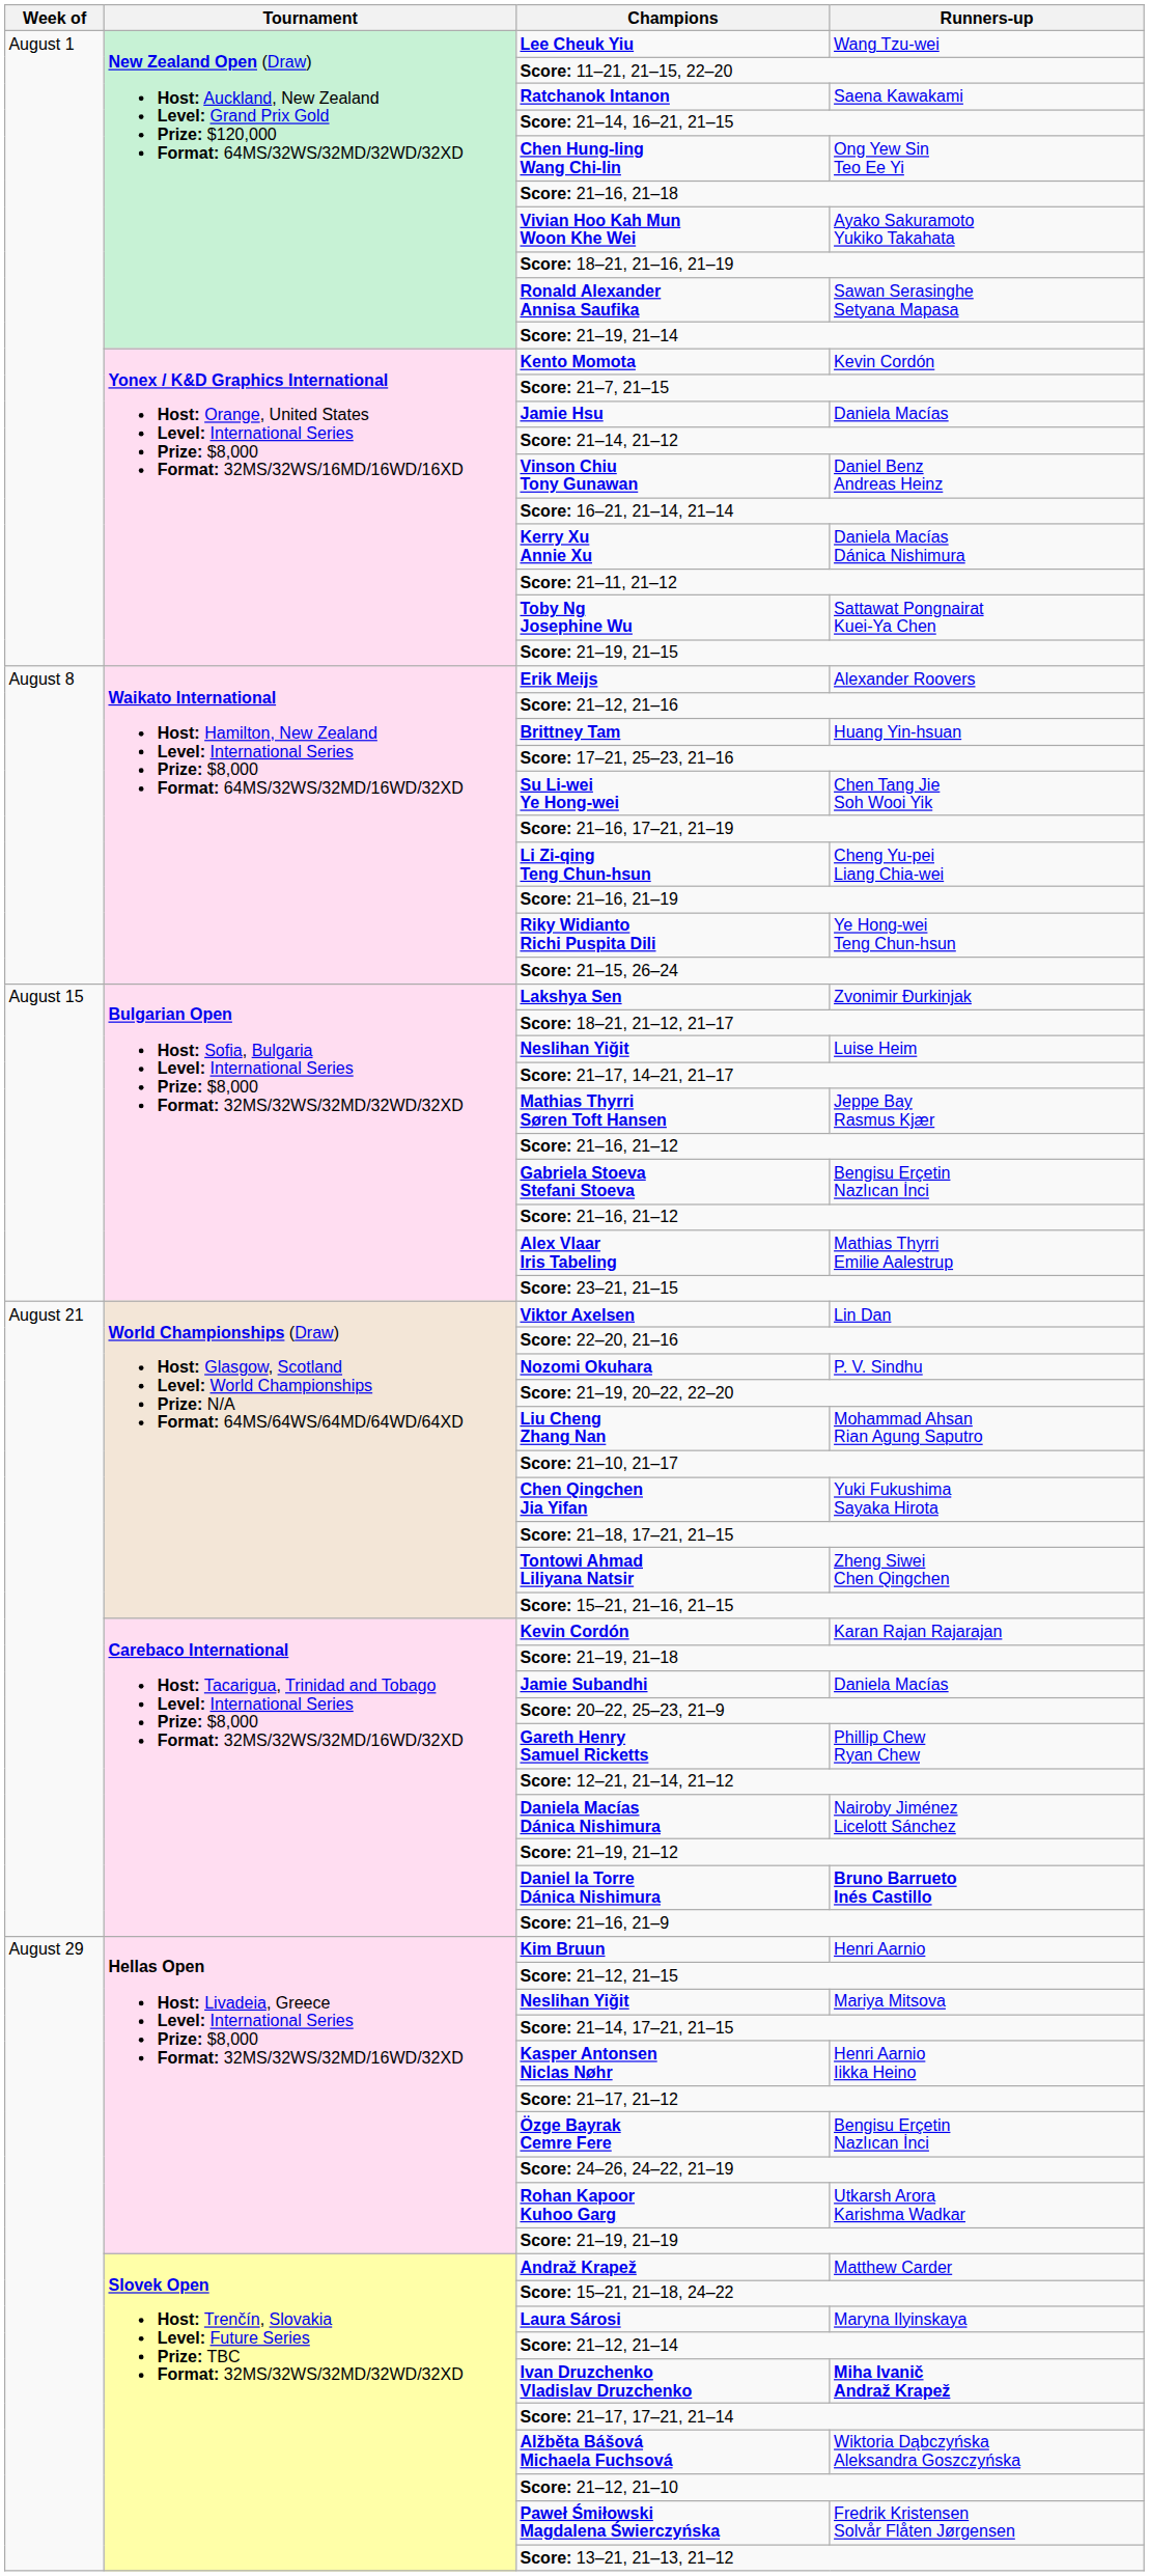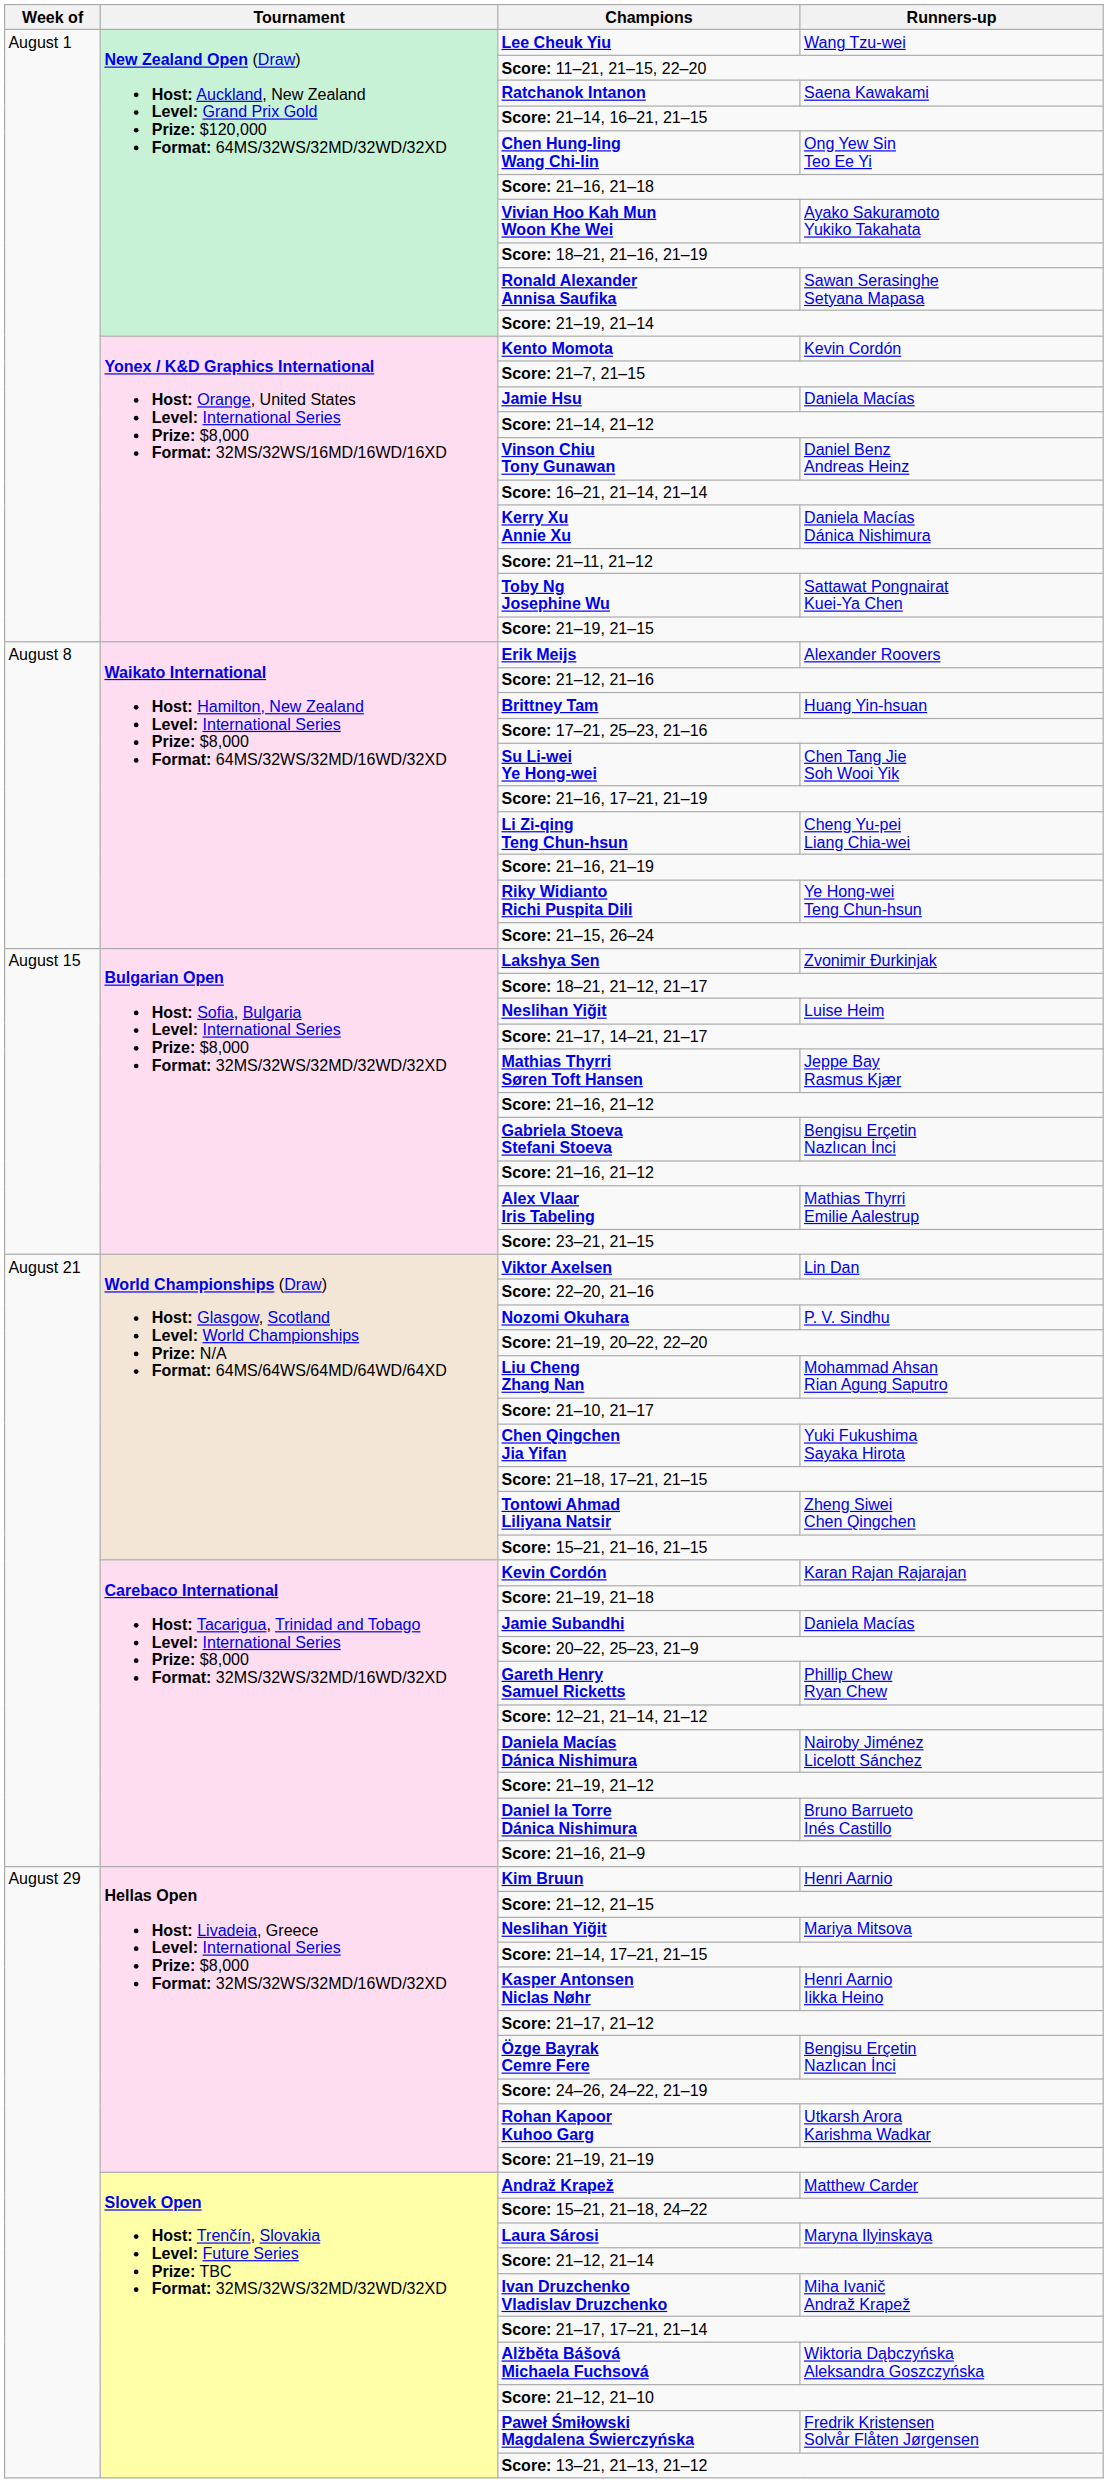 <table class=wikitable style=font-size:85%>
 <tr>
 <th width=75>Week of</th>
 <th width=330>Tournament</th>
 <th width=250>Champions</th>
 <th width=250>Runners-up</th>
 </tr>
 <tr valign=top>
 <td rowspan=20>August 1</td>
 <td style="background:#C7F2D5;" rowspan="10"><br><strong><a href='#'>New Zealand Open</a></strong> (<a href='#'>Draw</a>)<ul><li><strong>Host:</strong> <a href='#'>Auckland</a>, New Zealand</li><li><strong>Level:</strong> <a href='#'>Grand Prix Gold</a></li><li><strong>Prize:</strong> $120,000</li><li><strong>Format:</strong> 64MS/32WS/32MD/32WD/32XD</li></ul></td>
 <td><strong> <a href='#'>Lee Cheuk Yiu</a></strong></td>
 <td> <a href='#'>Wang Tzu-wei</a></td>
 </tr>
 <tr>
 <td colspan=2><strong>Score:</strong> 11–21, 21–15, 22–20</td>
 </tr>
 <tr valign=top>
 <td><strong> <a href='#'>Ratchanok Intanon</a></strong></td>
 <td> <a href='#'>Saena Kawakami</a></td>
 </tr>
 <tr>
 <td colspan=2><strong>Score:</strong> 21–14, 16–21, 21–15</td>
 </tr>
 <tr valign=top>
 <td><strong> <a href='#'>Chen Hung-ling</a><br> <a href='#'>Wang Chi-lin</a></strong></td>
 <td> <a href='#'>Ong Yew Sin</a><br> <a href='#'>Teo Ee Yi</a></td>
 </tr>
 <tr>
 <td colspan=2><strong>Score:</strong> 21–16, 21–18</td>
 </tr>
 <tr valign=top>
 <td><strong> <a href='#'>Vivian Hoo Kah Mun</a><br> <a href='#'>Woon Khe Wei</a></strong></td>
 <td> <a href='#'>Ayako Sakuramoto</a><br> <a href='#'>Yukiko Takahata</a></td>
 </tr>
 <tr>
 <td colspan=2><strong>Score:</strong> 18–21, 21–16, 21–19</td>
 </tr>
 <tr valign=top>
 <td><strong> <a href='#'>Ronald Alexander</a><br> <a href='#'>Annisa Saufika</a></strong></td>
 <td> <a href='#'>Sawan Serasinghe</a><br> <a href='#'>Setyana Mapasa</a></td>
 </tr>
 <tr>
 <td colspan=2><strong>Score:</strong> 21–19, 21–14</td>
 </tr>
 <tr valign=top>
 <td style="background:#FFDDF1;" rowspan="10"><br><strong><a href='#'>Yonex / K&D Graphics International</a></strong><ul><li><strong>Host:</strong> <a href='#'>Orange</a>, United States</li><li><strong>Level:</strong> <a href='#'>International Series</a></li><li><strong>Prize:</strong> $8,000</li><li><strong>Format:</strong> 32MS/32WS/16MD/16WD/16XD</li></ul></td>
 <td><strong> <a href='#'>Kento Momota</a></strong></td>
 <td> <a href='#'>Kevin Cordón</a></td>
 </tr>
 <tr>
 <td colspan=2><strong>Score:</strong> 21–7, 21–15</td>
 </tr>
 <tr valign=top>
 <td><strong> <a href='#'>Jamie Hsu</a></strong></td>
 <td> <a href='#'>Daniela Macías</a></td>
 </tr>
 <tr>
 <td colspan=2><strong>Score:</strong> 21–14, 21–12</td>
 </tr>
 <tr valign=top>
 <td><strong> <a href='#'>Vinson Chiu</a><br> <a href='#'>Tony Gunawan</a></strong></td>
 <td> <a href='#'>Daniel Benz</a><br> <a href='#'>Andreas Heinz</a></td>
 </tr>
 <tr>
 <td colspan=2><strong>Score:</strong> 16–21, 21–14, 21–14</td>
 </tr>
 <tr valign=top>
 <td><strong> <a href='#'>Kerry Xu</a><br> <a href='#'>Annie Xu</a></strong></td>
 <td> <a href='#'>Daniela Macías</a><br> <a href='#'>Dánica Nishimura</a></td>
 </tr>
 <tr>
 <td colspan=2><strong>Score:</strong> 21–11, 21–12</td>
 </tr>
 <tr valign=top>
 <td><strong> <a href='#'>Toby Ng</a><br> <a href='#'>Josephine Wu</a></strong></td>
 <td> <a href='#'>Sattawat Pongnairat</a><br> <a href='#'>Kuei-Ya Chen</a></td>
 </tr>
 <tr>
 <td colspan=2><strong>Score:</strong> 21–19, 21–15</td>
 </tr>
 <tr valign=top>
 <td rowspan=10>August 8</td>
 <td style="background:#FFDDF1;" rowspan="10"><br><strong><a href='#'>Waikato International</a></strong><ul><li><strong>Host:</strong> <a href='#'>Hamilton, New Zealand</a></li><li><strong>Level:</strong> <a href='#'>International Series</a></li><li><strong>Prize:</strong> $8,000</li><li><strong>Format:</strong> 64MS/32WS/32MD/16WD/32XD</li></ul></td>
 <td><strong> <a href='#'>Erik Meijs</a></strong></td>
 <td> <a href='#'>Alexander Roovers</a></td>
 </tr>
 <tr>
 <td colspan=2><strong>Score:</strong> 21–12, 21–16</td>
 </tr>
 <tr valign=top>
 <td><strong> <a href='#'>Brittney Tam</a></strong></td>
 <td> <a href='#'>Huang Yin-hsuan</a></td>
 </tr>
 <tr>
 <td colspan=2><strong>Score:</strong> 17–21, 25–23, 21–16</td>
 </tr>
 <tr valign=top>
 <td><strong> <a href='#'>Su Li-wei</a><br> <a href='#'>Ye Hong-wei</a></strong></td>
 <td> <a href='#'>Chen Tang Jie</a><br> <a href='#'>Soh Wooi Yik</a></td>
 </tr>
 <tr>
 <td colspan=2><strong>Score:</strong> 21–16, 17–21, 21–19</td>
 </tr>
 <tr valign=top>
 <td><strong> <a href='#'>Li Zi-qing</a><br> <a href='#'>Teng Chun-hsun</a></strong></td>
 <td> <a href='#'>Cheng Yu-pei</a><br> <a href='#'>Liang Chia-wei</a></td>
 </tr>
 <tr>
 <td colspan=2><strong>Score:</strong> 21–16, 21–19</td>
 </tr>
 <tr valign=top>
 <td><strong> <a href='#'>Riky Widianto</a><br> <a href='#'>Richi Puspita Dili</a></strong></td>
 <td> <a href='#'>Ye Hong-wei</a><br> <a href='#'>Teng Chun-hsun</a></td>
 </tr>
 <tr>
 <td colspan=2><strong>Score:</strong> 21–15, 26–24</td>
 </tr>
 <tr valign=top>
 <td rowspan=10>August 15</td>
 <td style="background:#FFDDF1;" rowspan="10"><br><strong><a href='#'>Bulgarian Open</a></strong><ul><li><strong>Host:</strong> <a href='#'>Sofia</a>, <a href='#'>Bulgaria</a></li><li><strong>Level:</strong> <a href='#'>International Series</a></li><li><strong>Prize:</strong> $8,000</li><li><strong>Format:</strong> 32MS/32WS/32MD/32WD/32XD</li></ul></td>
 <td><strong> <a href='#'>Lakshya Sen</a></strong></td>
 <td> <a href='#'>Zvonimir Đurkinjak</a></td>
 </tr>
 <tr>
 <td colspan=2><strong>Score:</strong> 18–21, 21–12, 21–17</td>
 </tr>
 <tr valign=top>
 <td><strong> <a href='#'>Neslihan Yiğit</a></strong></td>
 <td> <a href='#'>Luise Heim</a></td>
 </tr>
 <tr>
 <td colspan=2><strong>Score:</strong> 21–17, 14–21, 21–17</td>
 </tr>
 <tr valign=top>
 <td><strong> <a href='#'>Mathias Thyrri</a><br> <a href='#'>Søren Toft Hansen</a></strong></td>
 <td> <a href='#'>Jeppe Bay</a><br> <a href='#'>Rasmus Kjær</a></td>
 </tr>
 <tr>
 <td colspan=2><strong>Score:</strong> 21–16, 21–12</td>
 </tr>
 <tr valign=top>
 <td><strong> <a href='#'>Gabriela Stoeva</a><br> <a href='#'>Stefani Stoeva</a></strong></td>
 <td> <a href='#'>Bengisu Erçetin</a><br> <a href='#'>Nazlıcan İnci</a></td>
 </tr>
 <tr>
 <td colspan=2><strong>Score:</strong> 21–16, 21–12</td>
 </tr>
 <tr valign=top>
 <td><strong> <a href='#'>Alex Vlaar</a><br> <a href='#'>Iris Tabeling</a></strong></td>
 <td> <a href='#'>Mathias Thyrri</a><br> <a href='#'>Emilie Aalestrup</a></td>
 </tr>
 <tr>
 <td colspan=2><strong>Score:</strong> 23–21, 21–15</td>
 </tr>
 <tr valign=top>
 <td rowspan=20>August 21</td>
 <td style="background:#F3E6D7;" rowspan="10"><br><strong><a href='#'>World Championships</a></strong> (<a href='#'>Draw</a>)<ul><li><strong>Host:</strong> <a href='#'>Glasgow</a>, <a href='#'>Scotland</a></li><li><strong>Level:</strong> <a href='#'>World Championships</a></li><li><strong>Prize:</strong> N/A</li><li><strong>Format:</strong> 64MS/64WS/64MD/64WD/64XD</li></ul></td>
 <td><strong> <a href='#'>Viktor Axelsen</a></strong></td>
 <td> <a href='#'>Lin Dan</a></td>
 </tr>
 <tr>
 <td colspan=2><strong>Score:</strong> 22–20, 21–16</td>
 </tr>
 <tr valign=top>
 <td><strong> <a href='#'>Nozomi Okuhara</a></strong></td>
 <td> <a href='#'>P. V. Sindhu</a></td>
 </tr>
 <tr>
 <td colspan=2><strong>Score:</strong> 21–19, 20–22, 22–20</td>
 </tr>
 <tr valign=top>
 <td><strong> <a href='#'>Liu Cheng</a><br> <a href='#'>Zhang Nan</a></strong></td>
 <td> <a href='#'>Mohammad Ahsan</a><br> <a href='#'>Rian Agung Saputro</a></td>
 </tr>
 <tr>
 <td colspan=2><strong>Score:</strong> 21–10, 21–17</td>
 </tr>
 <tr valign=top>
 <td><strong> <a href='#'>Chen Qingchen</a><br> <a href='#'>Jia Yifan</a></strong></td>
 <td> <a href='#'>Yuki Fukushima</a><br> <a href='#'>Sayaka Hirota</a></td>
 </tr>
 <tr>
 <td colspan=2><strong>Score:</strong> 21–18, 17–21, 21–15</td>
 </tr>
 <tr valign=top>
 <td><strong> <a href='#'>Tontowi Ahmad</a><br> <a href='#'>Liliyana Natsir</a></strong></td>
 <td> <a href='#'>Zheng Siwei</a><br> <a href='#'>Chen Qingchen</a></td>
 </tr>
 <tr>
 <td colspan=2><strong>Score:</strong> 15–21, 21–16, 21–15</td>
 </tr>
 <tr valign=top>
 <td style="background:#FFDDF1;" rowspan="10"><br><strong><a href='#'>Carebaco International</a></strong><ul><li><strong>Host:</strong> <a href='#'>Tacarigua</a>, <a href='#'>Trinidad and Tobago</a></li><li><strong>Level:</strong> <a href='#'>International Series</a></li><li><strong>Prize:</strong> $8,000</li><li><strong>Format:</strong> 32MS/32WS/32MD/16WD/32XD</li></ul></td>
 <td><strong> <a href='#'>Kevin Cordón</a></strong></td>
 <td> <a href='#'>Karan Rajan Rajarajan</a></td>
 </tr>
 <tr>
 <td colspan=2><strong>Score:</strong> 21–19, 21–18</td>
 </tr>
 <tr valign=top>
 <td><strong> <a href='#'>Jamie Subandhi</a></strong></td>
 <td> <a href='#'>Daniela Macías</a></td>
 </tr>
 <tr>
 <td colspan=2><strong>Score:</strong> 20–22, 25–23, 21–9</td>
 </tr>
 <tr valign=top>
 <td><strong> <a href='#'>Gareth Henry</a><br> <a href='#'>Samuel Ricketts</a></strong></td>
 <td> <a href='#'>Phillip Chew</a><br> <a href='#'>Ryan Chew</a></td>
 </tr>
 <tr>
 <td colspan=2><strong>Score:</strong> 12–21, 21–14, 21–12</td>
 </tr>
 <tr valign=top>
 <td><strong> <a href='#'>Daniela Macías</a><br> <a href='#'>Dánica Nishimura</a></strong></td>
 <td> <a href='#'>Nairoby Jiménez</a><br> <a href='#'>Licelott Sánchez</a></td>
 </tr>
 <tr>
 <td colspan=2><strong>Score:</strong> 21–19, 21–12</td>
 </tr>
 <tr valign=top>
 <td><strong> <a href='#'>Daniel la Torre</a><br> <a href='#'>Dánica Nishimura</a></strong></td>
-<td><strong> <a href='#'>Bruno Barrueto</a><br> <a href='#'>Inés Castillo</a></strong></td>
+<td> <a href='#'>Bruno Barrueto</a><br> <a href='#'>Inés Castillo</a></td>
 </tr>
 <tr>
 <td colspan=2><strong>Score:</strong> 21–16, 21–9</td>
 </tr>
 <tr valign=top>
 <td rowspan=20>August 29</td>
 <td style="background:#FFDDF1;" rowspan="10"><br><strong>Hellas Open</strong><ul><li><strong>Host:</strong> <a href='#'>Livadeia</a>, Greece</li><li><strong>Level:</strong> <a href='#'>International Series</a></li><li><strong>Prize:</strong> $8,000</li><li><strong>Format:</strong> 32MS/32WS/32MD/16WD/32XD</li></ul></td>
 <td><strong> <a href='#'>Kim Bruun</a></strong></td>
 <td> <a href='#'>Henri Aarnio</a></td>
 </tr>
 <tr>
 <td colspan=2><strong>Score:</strong> 21–12, 21–15</td>
 </tr>
 <tr valign=top>
 <td><strong> <a href='#'>Neslihan Yiğit</a></strong></td>
 <td> <a href='#'>Mariya Mitsova</a></td>
 </tr>
 <tr>
 <td colspan=2><strong>Score:</strong> 21–14, 17–21, 21–15</td>
 </tr>
 <tr valign=top>
 <td><strong> <a href='#'>Kasper Antonsen</a><br> <a href='#'>Niclas Nøhr</a></strong></td>
 <td> <a href='#'>Henri Aarnio</a><br> <a href='#'>Iikka Heino</a></td>
 </tr>
 <tr>
 <td colspan=2><strong>Score:</strong> 21–17, 21–12</td>
 </tr>
 <tr valign=top>
 <td><strong> <a href='#'>Özge Bayrak</a><br> <a href='#'>Cemre Fere</a></strong></td>
 <td> <a href='#'>Bengisu Erçetin</a><br> <a href='#'>Nazlıcan İnci</a></td>
 </tr>
 <tr>
 <td colspan=2><strong>Score:</strong> 24–26, 24–22, 21–19</td>
 </tr>
 <tr valign=top>
 <td><strong> <a href='#'>Rohan Kapoor</a><br> <a href='#'>Kuhoo Garg</a></strong></td>
 <td> <a href='#'>Utkarsh Arora</a><br> <a href='#'>Karishma Wadkar</a></td>
 </tr>
 <tr>
 <td colspan=2><strong>Score:</strong> 21–19, 21–19</td>
 </tr>
 <tr valign=top>
 <td style="background:#FFFFA8;" rowspan="10"><br><strong><a href='#'>Slovek Open</a></strong><ul><li><strong>Host:</strong> <a href='#'>Trenčín</a>, <a href='#'>Slovakia</a></li><li><strong>Level:</strong> <a href='#'>Future Series</a></li><li><strong>Prize:</strong> TBC</li><li><strong>Format:</strong> 32MS/32WS/32MD/32WD/32XD</li></ul></td>
 <td><strong> <a href='#'>Andraž Krapež</a></strong></td>
 <td> <a href='#'>Matthew Carder</a></td>
 </tr>
 <tr>
 <td colspan=2><strong>Score:</strong> 15–21, 21–18, 24–22</td>
 </tr>
 <tr valign=top>
 <td><strong> <a href='#'>Laura Sárosi</a></strong></td>
 <td> <a href='#'>Maryna Ilyinskaya</a></td>
 </tr>
 <tr>
 <td colspan=2><strong>Score:</strong> 21–12, 21–14</td>
 </tr>
 <tr valign=top>
 <td><strong> <a href='#'>Ivan Druzchenko</a><br> <a href='#'>Vladislav Druzchenko</a></strong></td>
-<td><strong> <a href='#'>Miha Ivanič</a><br> <a href='#'>Andraž Krapež</a></strong></td>
+<td> <a href='#'>Miha Ivanič</a><br> <a href='#'>Andraž Krapež</a></td>
 </tr>
 <tr>
 <td colspan=2><strong>Score:</strong> 21–17, 17–21, 21–14</td>
 </tr>
 <tr valign=top>
 <td><strong> <a href='#'>Alžběta Bášová</a><br> <a href='#'>Michaela Fuchsová</a></strong></td>
 <td> <a href='#'>Wiktoria Dąbczyńska</a><br> <a href='#'>Aleksandra Goszczyńska</a></td>
 </tr>
 <tr>
 <td colspan=2><strong>Score:</strong> 21–12, 21–10</td>
 </tr>
 <tr valign=top>
 <td><strong> <a href='#'>Paweł Śmiłowski</a><br> <a href='#'>Magdalena Świerczyńska</a></strong></td>
 <td> <a href='#'>Fredrik Kristensen</a><br> <a href='#'>Solvår Flåten Jørgensen</a></td>
 </tr>
 <tr>
 <td colspan=2><strong>Score:</strong> 13–21, 21–13, 21–12</td>
 </tr>
 </table>
